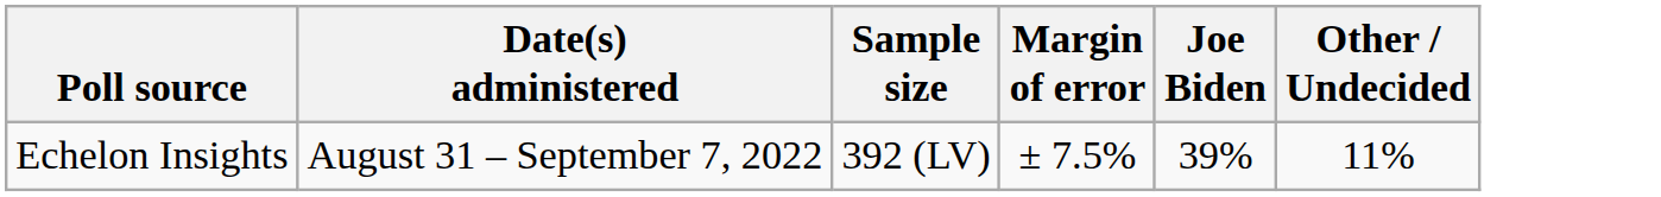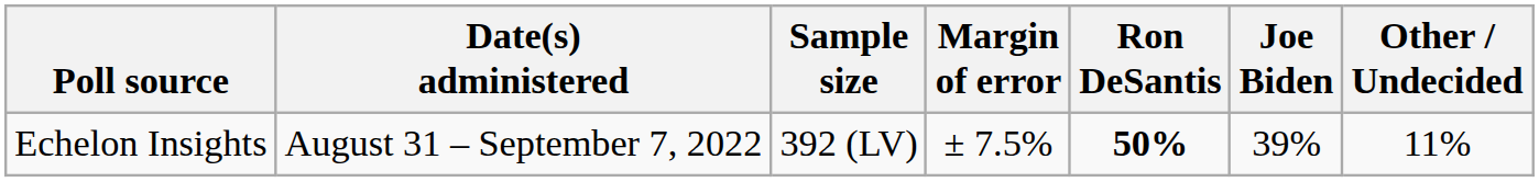 <table class="wikitable sortable mw-datatable" style="font-size:90%;text-align:center;line-height:17px">
 <tr valign=bottom>
 <th>Poll source</th>
 <th>Date(s)<br>administered</th>
 <th>Sample<br>size</th>
 <th>Margin<br>of error</th>
+<th class="unsortable">Ron<br>DeSantis<br></th>
 <th class="unsortable">Joe<br>Biden<br></th>
 <th class="unsortable">Other /<br>Undecided</th>
 </tr>
 <tr>
 <td style="text-align:left;">Echelon Insights</td>
 <td data-sort-value=2022-09-07>August 31 – September 7, 2022</td>
 <td>392 (LV)</td>
 <td>± 7.5%</td>
+<td style="background-color:"><strong>50%</strong></td>
 <td>39%</td>
 <td>11%</td>
 </tr>
 </table>
